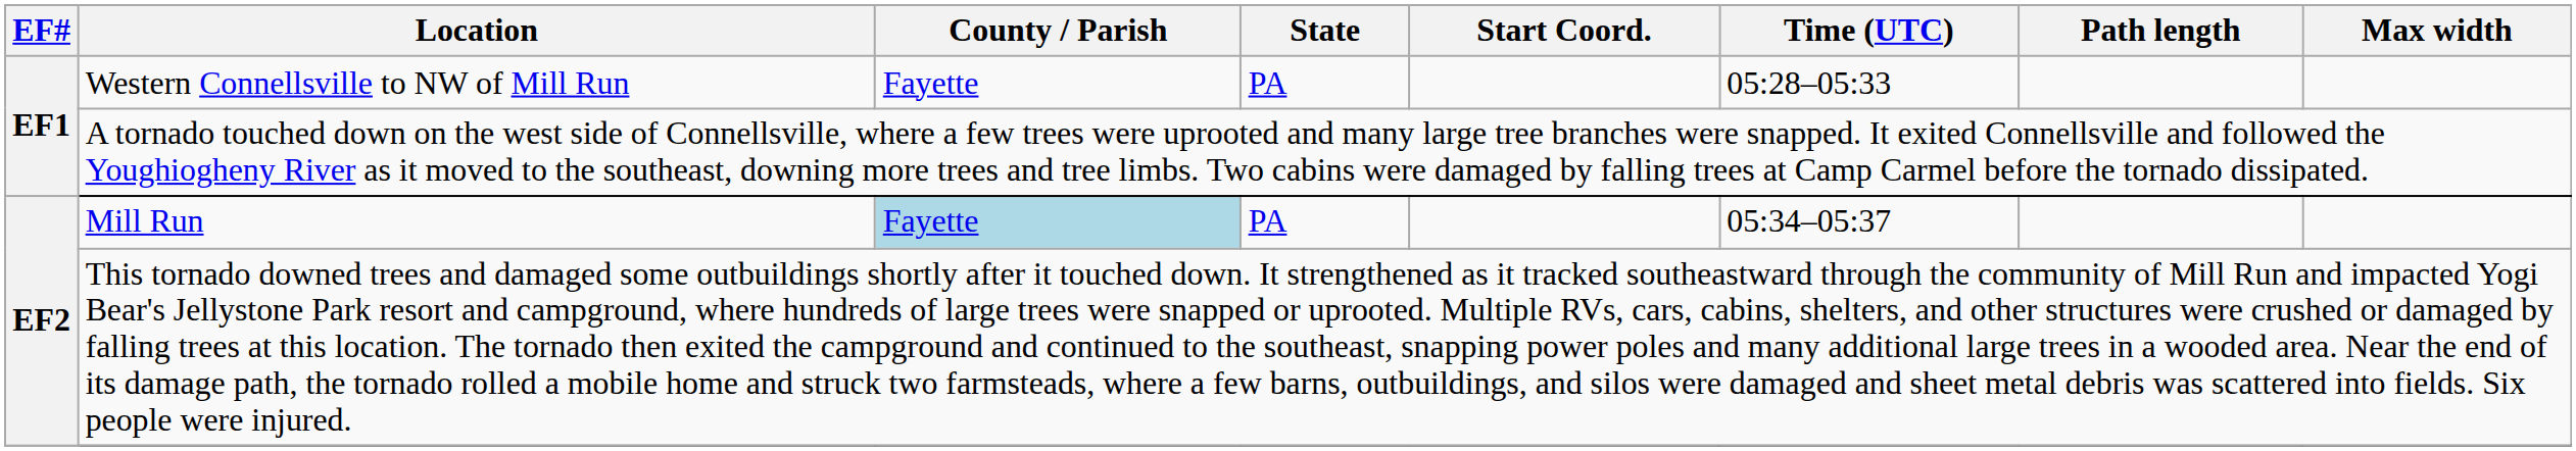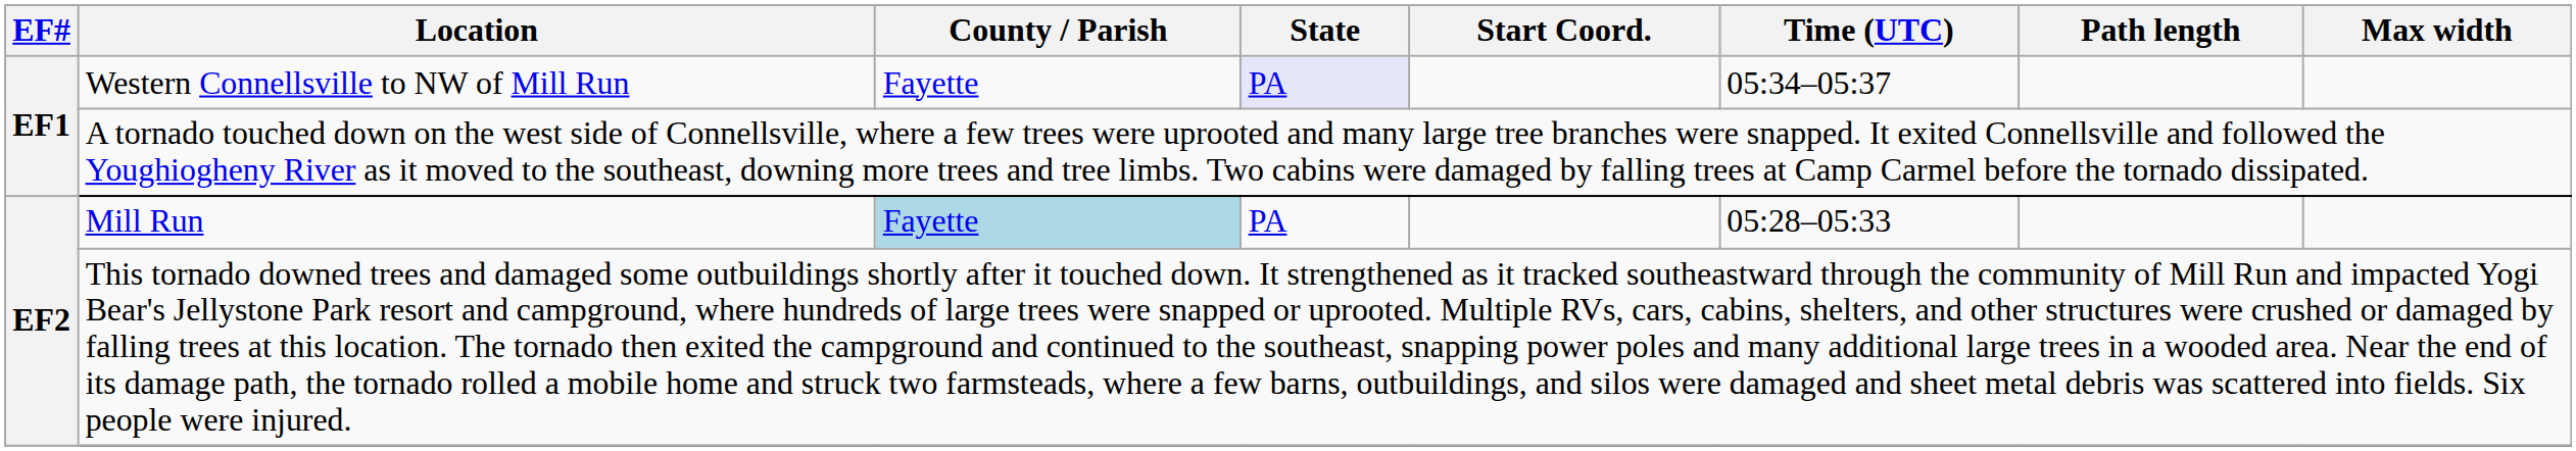 <table class="wikitable sortable" style="width:100%;">
 <tr>
 <th scope="col" width="2%" align="center"><a href='#'>EF#</a></th>
 <th scope="col" align="center" class="unsortable">Location</th>
 <th scope="col" align="center" class="unsortable">County / Parish</th>
 <th scope="col" align="center">State</th>
 <th scope="col" align="center">Start Coord.</th>
 <th scope="col" align="center">Time (<a href='#'>UTC</a>)</th>
 <th scope="col" align="center">Path length</th>
 <th scope="col" align="center">Max width</th>
 </tr>
 <tr>
 <th scope="row" rowspan="2" style="background-color:#">EF1</th>
 <td>Western <a href='#'>Connellsville</a> to NW of <a href='#'>Mill Run</a></td>
 <td><a href='#'>Fayette</a></td>
-<td><a href='#'>PA</a></td>
+<td style="background: lavender;"><a href='#'>PA</a></td>
 <td></td>
-<td>05:28–05:33</td>
+<td>05:34–05:37</td>
 <td></td>
 <td></td>
 </tr>
 <tr class="expand-child">
 <td colspan="8" style=" border-bottom: 1px solid black;">A tornado touched down on the west side of Connellsville, where a few trees were uprooted and many large tree branches were snapped. It exited Connellsville and followed the <a href='#'>Youghiogheny River</a> as it moved to the southeast, downing more trees and tree limbs. Two cabins were damaged by falling trees at Camp Carmel before the tornado dissipated. </td>
 </tr>
 <tr>
 <th scope="row" rowspan="2" style="background-color:#">EF2</th>
 <td><a href='#'>Mill Run</a></td>
 <td style="background: lightblue;"><a href='#'>Fayette</a></td>
 <td><a href='#'>PA</a></td>
 <td></td>
-<td>05:34–05:37</td>
+<td>05:28–05:33</td>
 <td></td>
 <td></td>
 </tr>
 <tr class="expand-child">
 <td colspan="8" style=" border-bottom: 1px solid black;">This tornado downed trees and damaged some outbuildings shortly after it touched down. It strengthened as it tracked southeastward through the community of Mill Run and impacted Yogi Bear's Jellystone Park resort and campground, where hundreds of large trees were snapped or uprooted. Multiple RVs, cars, cabins, shelters, and other structures were crushed or damaged by falling trees at this location. The tornado then exited the campground and continued to the southeast, snapping power poles and many additional large trees in a wooded area. Near the end of its damage path, the tornado rolled a mobile home and struck two farmsteads, where a few barns, outbuildings, and silos were damaged and sheet metal debris was scattered into fields. Six people were injured.</td>
 </tr>
 <tr>
 </tr>
 </table>
